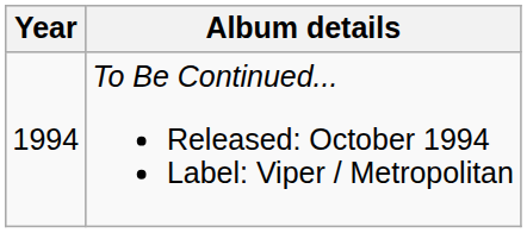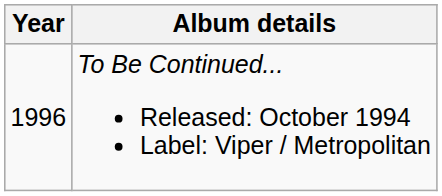 <table Class = "wikitable">
 <tr>
 <th>Year</th>
 <th>Album details</th>
 </tr>
 <tr>
-<td align = "center">1994</td>
+<td align = "center">1996</td>
 <td><em>To Be Continued...</em><br><ul><li>Released: October 1994</li><li>Label: Viper / Metropolitan</li></ul></td>
 </tr>
 </table>
